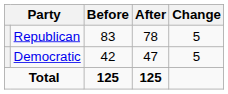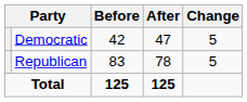 <table class="wikitable" style="text-align:center;">
 <tr>
 <th colspan="2">Party</th>
 <th>Before</th>
 <th>After</th>
 <th>Change</th>
 </tr>
 <tr>
 <th style="background-color:"></th>
-<td style="text-align:left;"><a href='#'>Republican</a></td>
-<td>83</td>
-<td>78</td>
+<td style="text-align:left;"><a href='#'>Democratic</a></td>
+<td>42</td>
+<td>47</td>
 <td> 5</td>
 </tr>
 <tr>
 <th style="background-color:"></th>
-<td style="text-align:left;"><a href='#'>Democratic</a></td>
-<td>42</td>
-<td>47</td>
+<td style="text-align:left;"><a href='#'>Republican</a></td>
+<td>83</td>
+<td>78</td>
 <td> 5</td>
 </tr>
 <tr>
 <td colspan="2"><strong>Total</strong></td>
 <td><strong>125</strong></td>
 <td><strong>125</strong></td>
 <td></td>
 </tr>
 </table>
